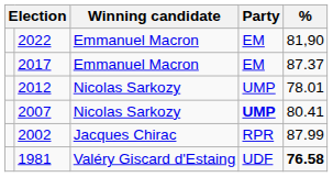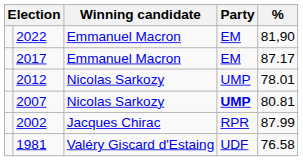 <table class="wikitable">
 <tr>
 <th colspan="2">Election</th>
 <th>Winning candidate</th>
 <th>Party</th>
 <th>%</th>
 </tr>
 <tr>
 <td style="background-color: "></td>
 <td><a href='#'>2022</a></td>
 <td><a href='#'>Emmanuel Macron</a></td>
 <td><a href='#'>EM</a></td>
 <td>81,90</td>
 </tr>
 <tr>
 <td style="background-color: "></td>
 <td><a href='#'>2017</a></td>
 <td><a href='#'>Emmanuel Macron</a></td>
 <td><a href='#'>EM</a></td>
-<td>87.37</td>
+<td>87.17</td>
 </tr>
 <tr>
 <td style="background-color: "></td>
 <td><a href='#'>2012</a></td>
 <td><a href='#'>Nicolas Sarkozy</a></td>
 <td><a href='#'>UMP</a></td>
 <td>78.01</td>
 </tr>
 <tr>
 <td style="background-color: "></td>
 <td><a href='#'>2007</a></td>
 <td><a href='#'>Nicolas Sarkozy</a></td>
 <td><strong><a href='#'>UMP</a></strong></td>
-<td>80.41</td>
+<td>80.81</td>
 </tr>
 <tr>
 <td style="background-color: "></td>
 <td><a href='#'>2002</a></td>
 <td><a href='#'>Jacques Chirac</a></td>
 <td><a href='#'>RPR</a></td>
 <td>87.99</td>
 </tr>
 <tr>
 <td style="background-color: "></td>
 <td><a href='#'>1981</a></td>
 <td><a href='#'>Valéry Giscard d'Estaing</a></td>
 <td><a href='#'>UDF</a></td>
-<td><strong>76.58</strong></td>
+<td>76.58</td>
 </tr>
 </table>
